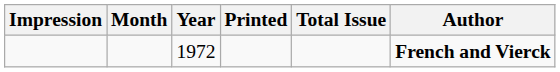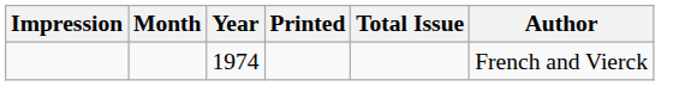 <table class="wikitable">
 <tr>
 <th>Impression</th>
 <th>Month</th>
 <th>Year</th>
 <th>Printed</th>
 <th>Total Issue</th>
 <th>Author</th>
 </tr>
 <tr>
 <td></td>
 <td></td>
-<td>1972</td>
+<td>1974</td>
 <td></td>
 <td></td>
-<td><strong>French and Vierck</strong></td>
+<td>French and Vierck</td>
 </tr>
 </table>
